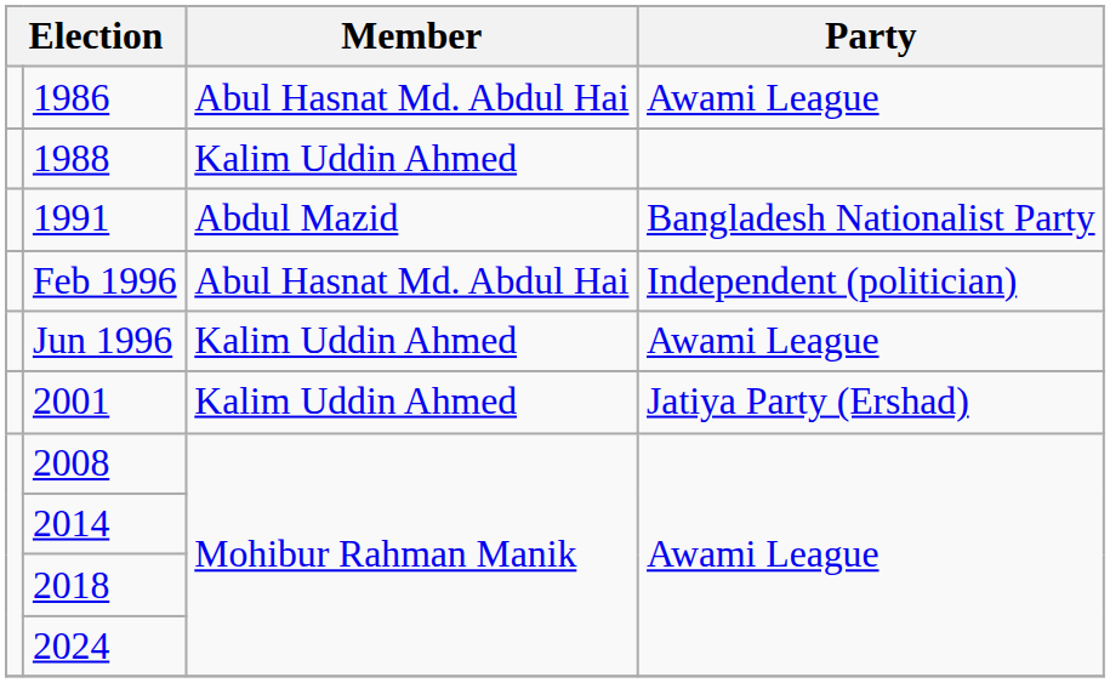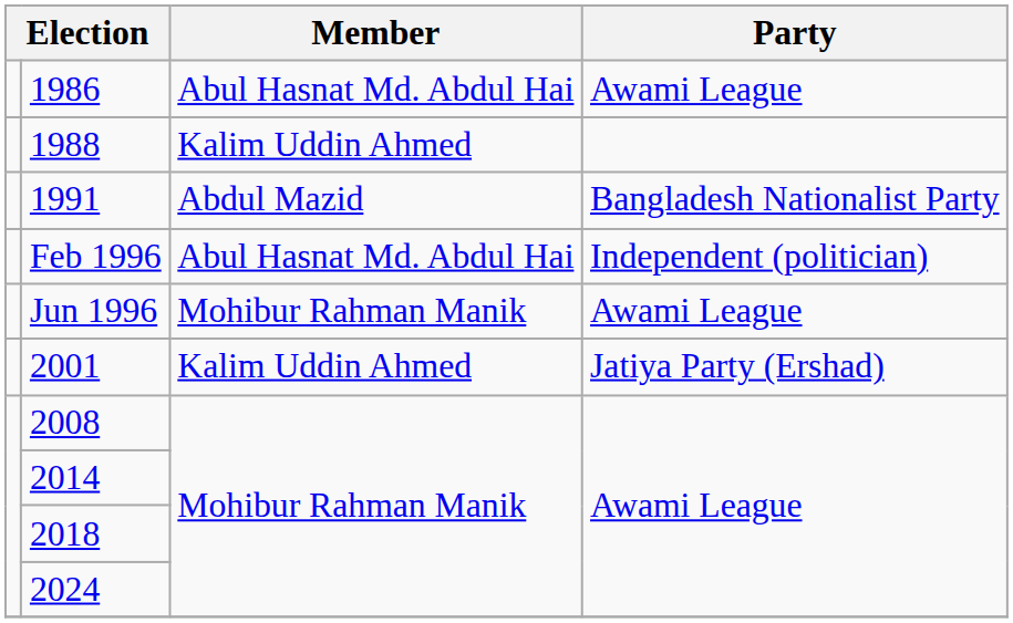 <table class="wikitable">
 <tr>
 <th colspan="2">Election</th>
 <th>Member</th>
 <th>Party</th>
 </tr>
 <tr>
 <td style="background-color:"></td>
 <td><a href='#'>1986</a></td>
 <td><a href='#'>Abul Hasnat Md. Abdul Hai</a></td>
 <td><a href='#'>Awami League</a></td>
 </tr>
 <tr>
 <td></td>
 <td><a href='#'>1988</a></td>
 <td><a href='#'>Kalim Uddin Ahmed</a></td>
 <td></td>
 </tr>
 <tr>
 <td style="background-color:"></td>
 <td><a href='#'>1991</a></td>
 <td><a href='#'>Abdul Mazid</a></td>
 <td><a href='#'>Bangladesh Nationalist Party</a></td>
 </tr>
 <tr>
 <td style="background-color:"></td>
 <td><a href='#'>Feb 1996</a></td>
 <td><a href='#'>Abul Hasnat Md. Abdul Hai</a></td>
 <td><a href='#'>Independent (politician)</a></td>
 </tr>
 <tr>
 <td style="background-color:"></td>
 <td><a href='#'>Jun 1996</a></td>
-<td><a href='#'>Kalim Uddin Ahmed</a></td>
+<td><a href='#'>Mohibur Rahman Manik</a></td>
 <td><a href='#'>Awami League</a></td>
 </tr>
 <tr>
 <td style="background-color:"></td>
 <td><a href='#'>2001</a></td>
 <td><a href='#'>Kalim Uddin Ahmed</a></td>
 <td><a href='#'>Jatiya Party (Ershad)</a></td>
 </tr>
 <tr>
 <td rowspan="4" style="background-color:"></td>
 <td><a href='#'>2008</a></td>
 <td rowspan="4"><a href='#'>Mohibur Rahman Manik</a></td>
 <td rowspan="4"><a href='#'>Awami League</a></td>
 </tr>
 <tr>
 <td><a href='#'>2014</a></td>
 </tr>
 <tr>
 <td><a href='#'>2018</a></td>
 </tr>
 <tr>
 <td><a href='#'>2024</a></td>
 </tr>
 <tr>
 </tr>
 </table>
